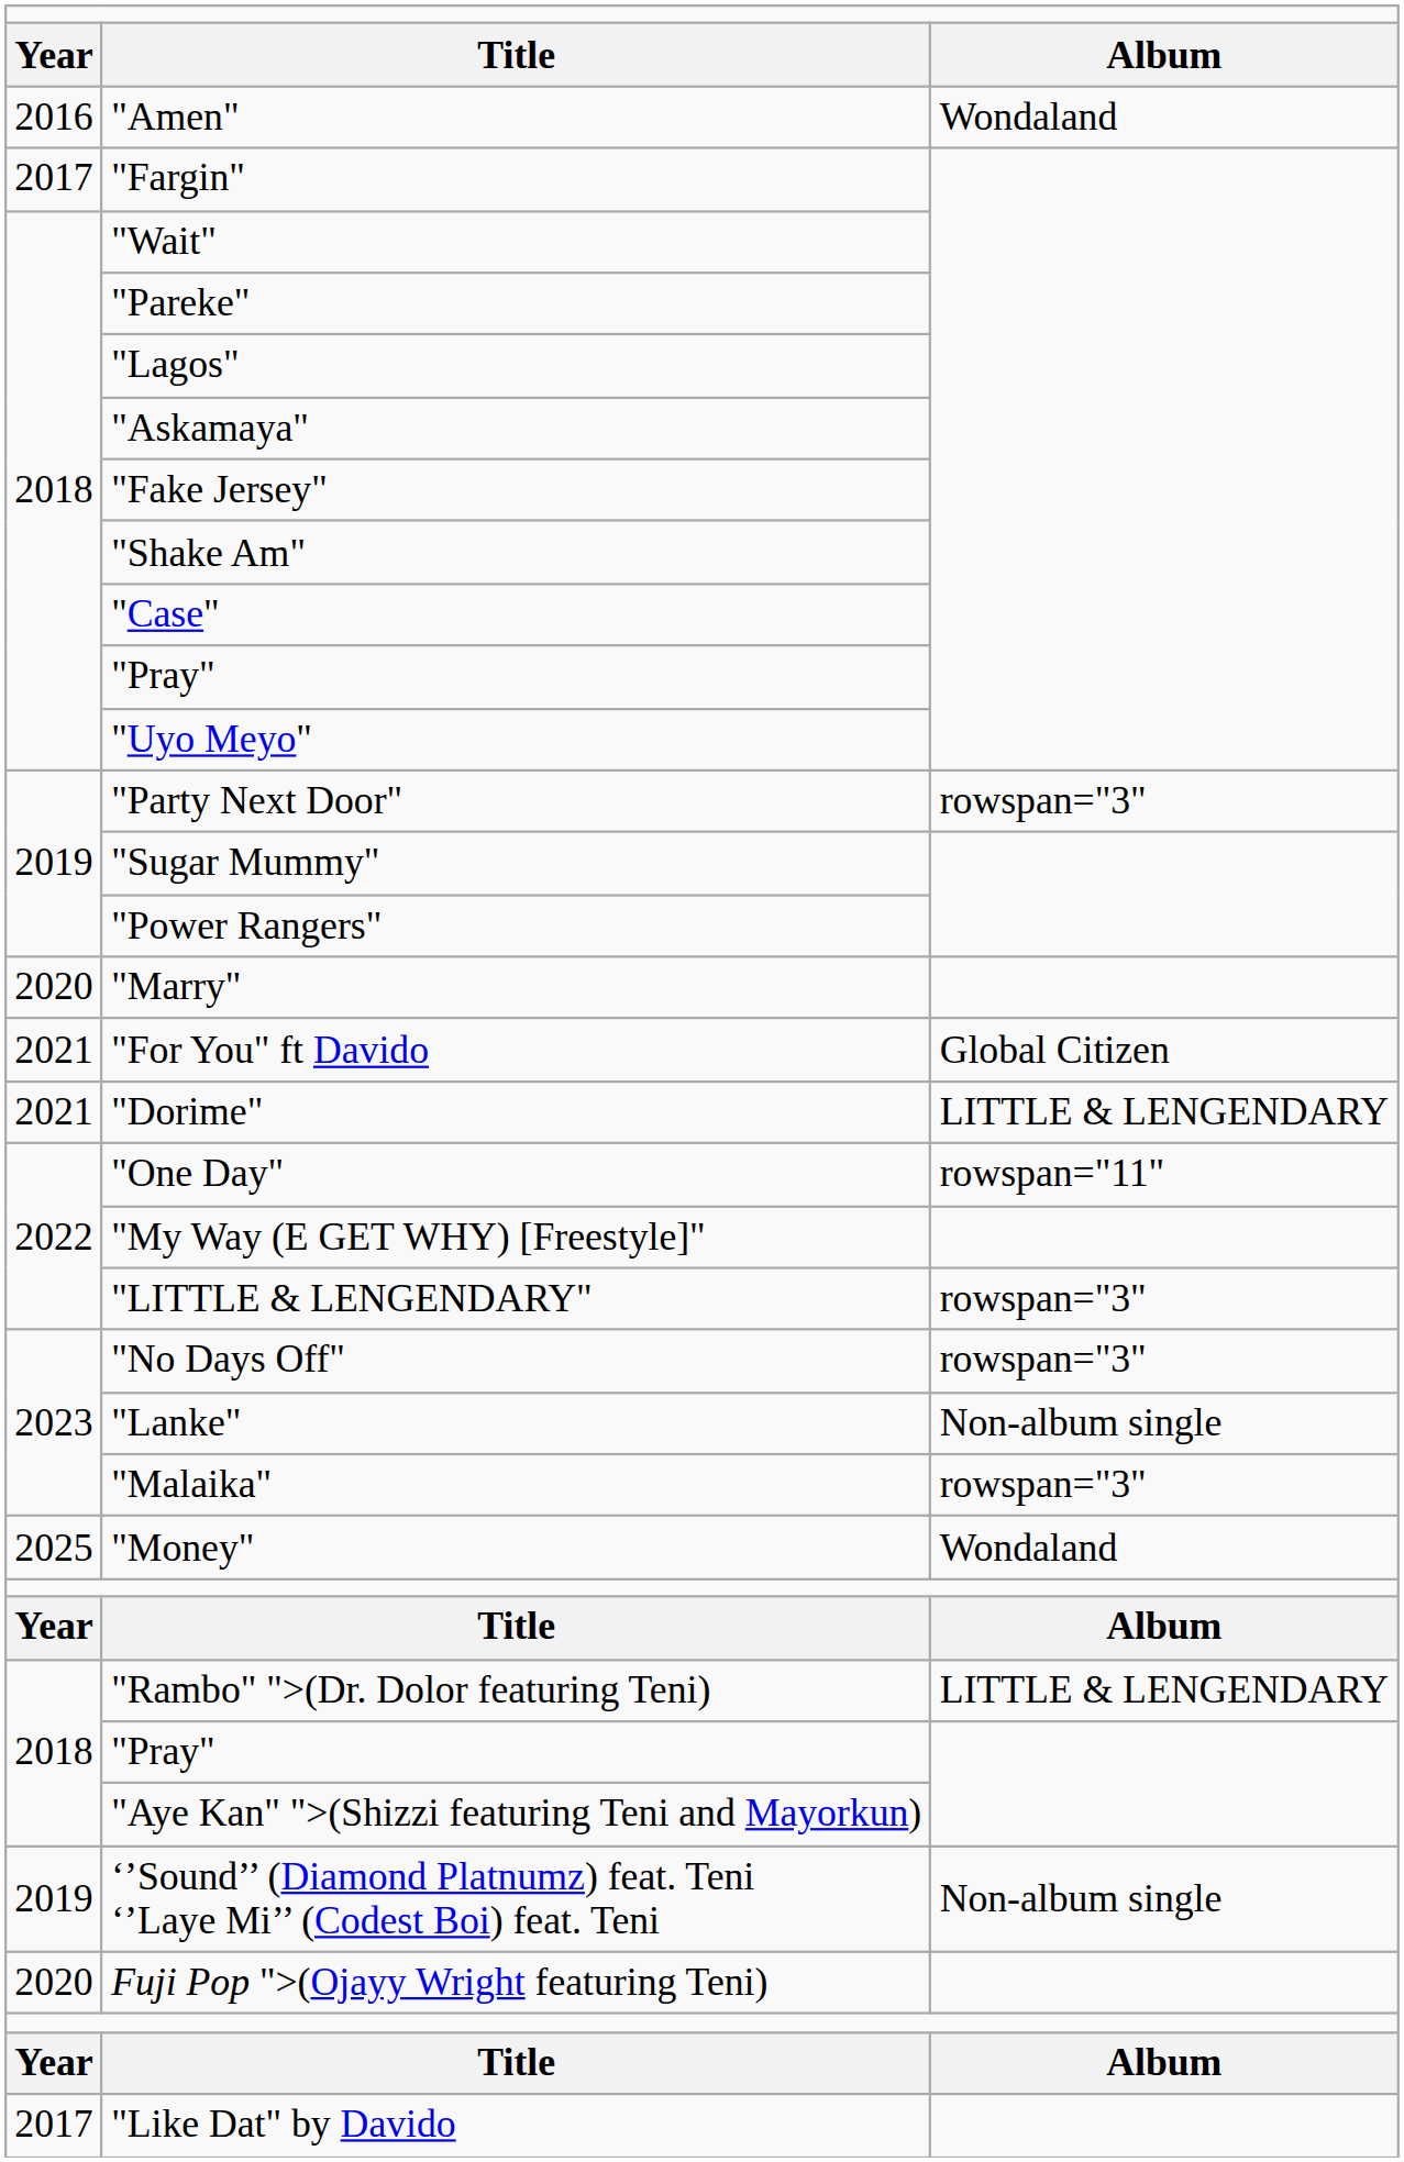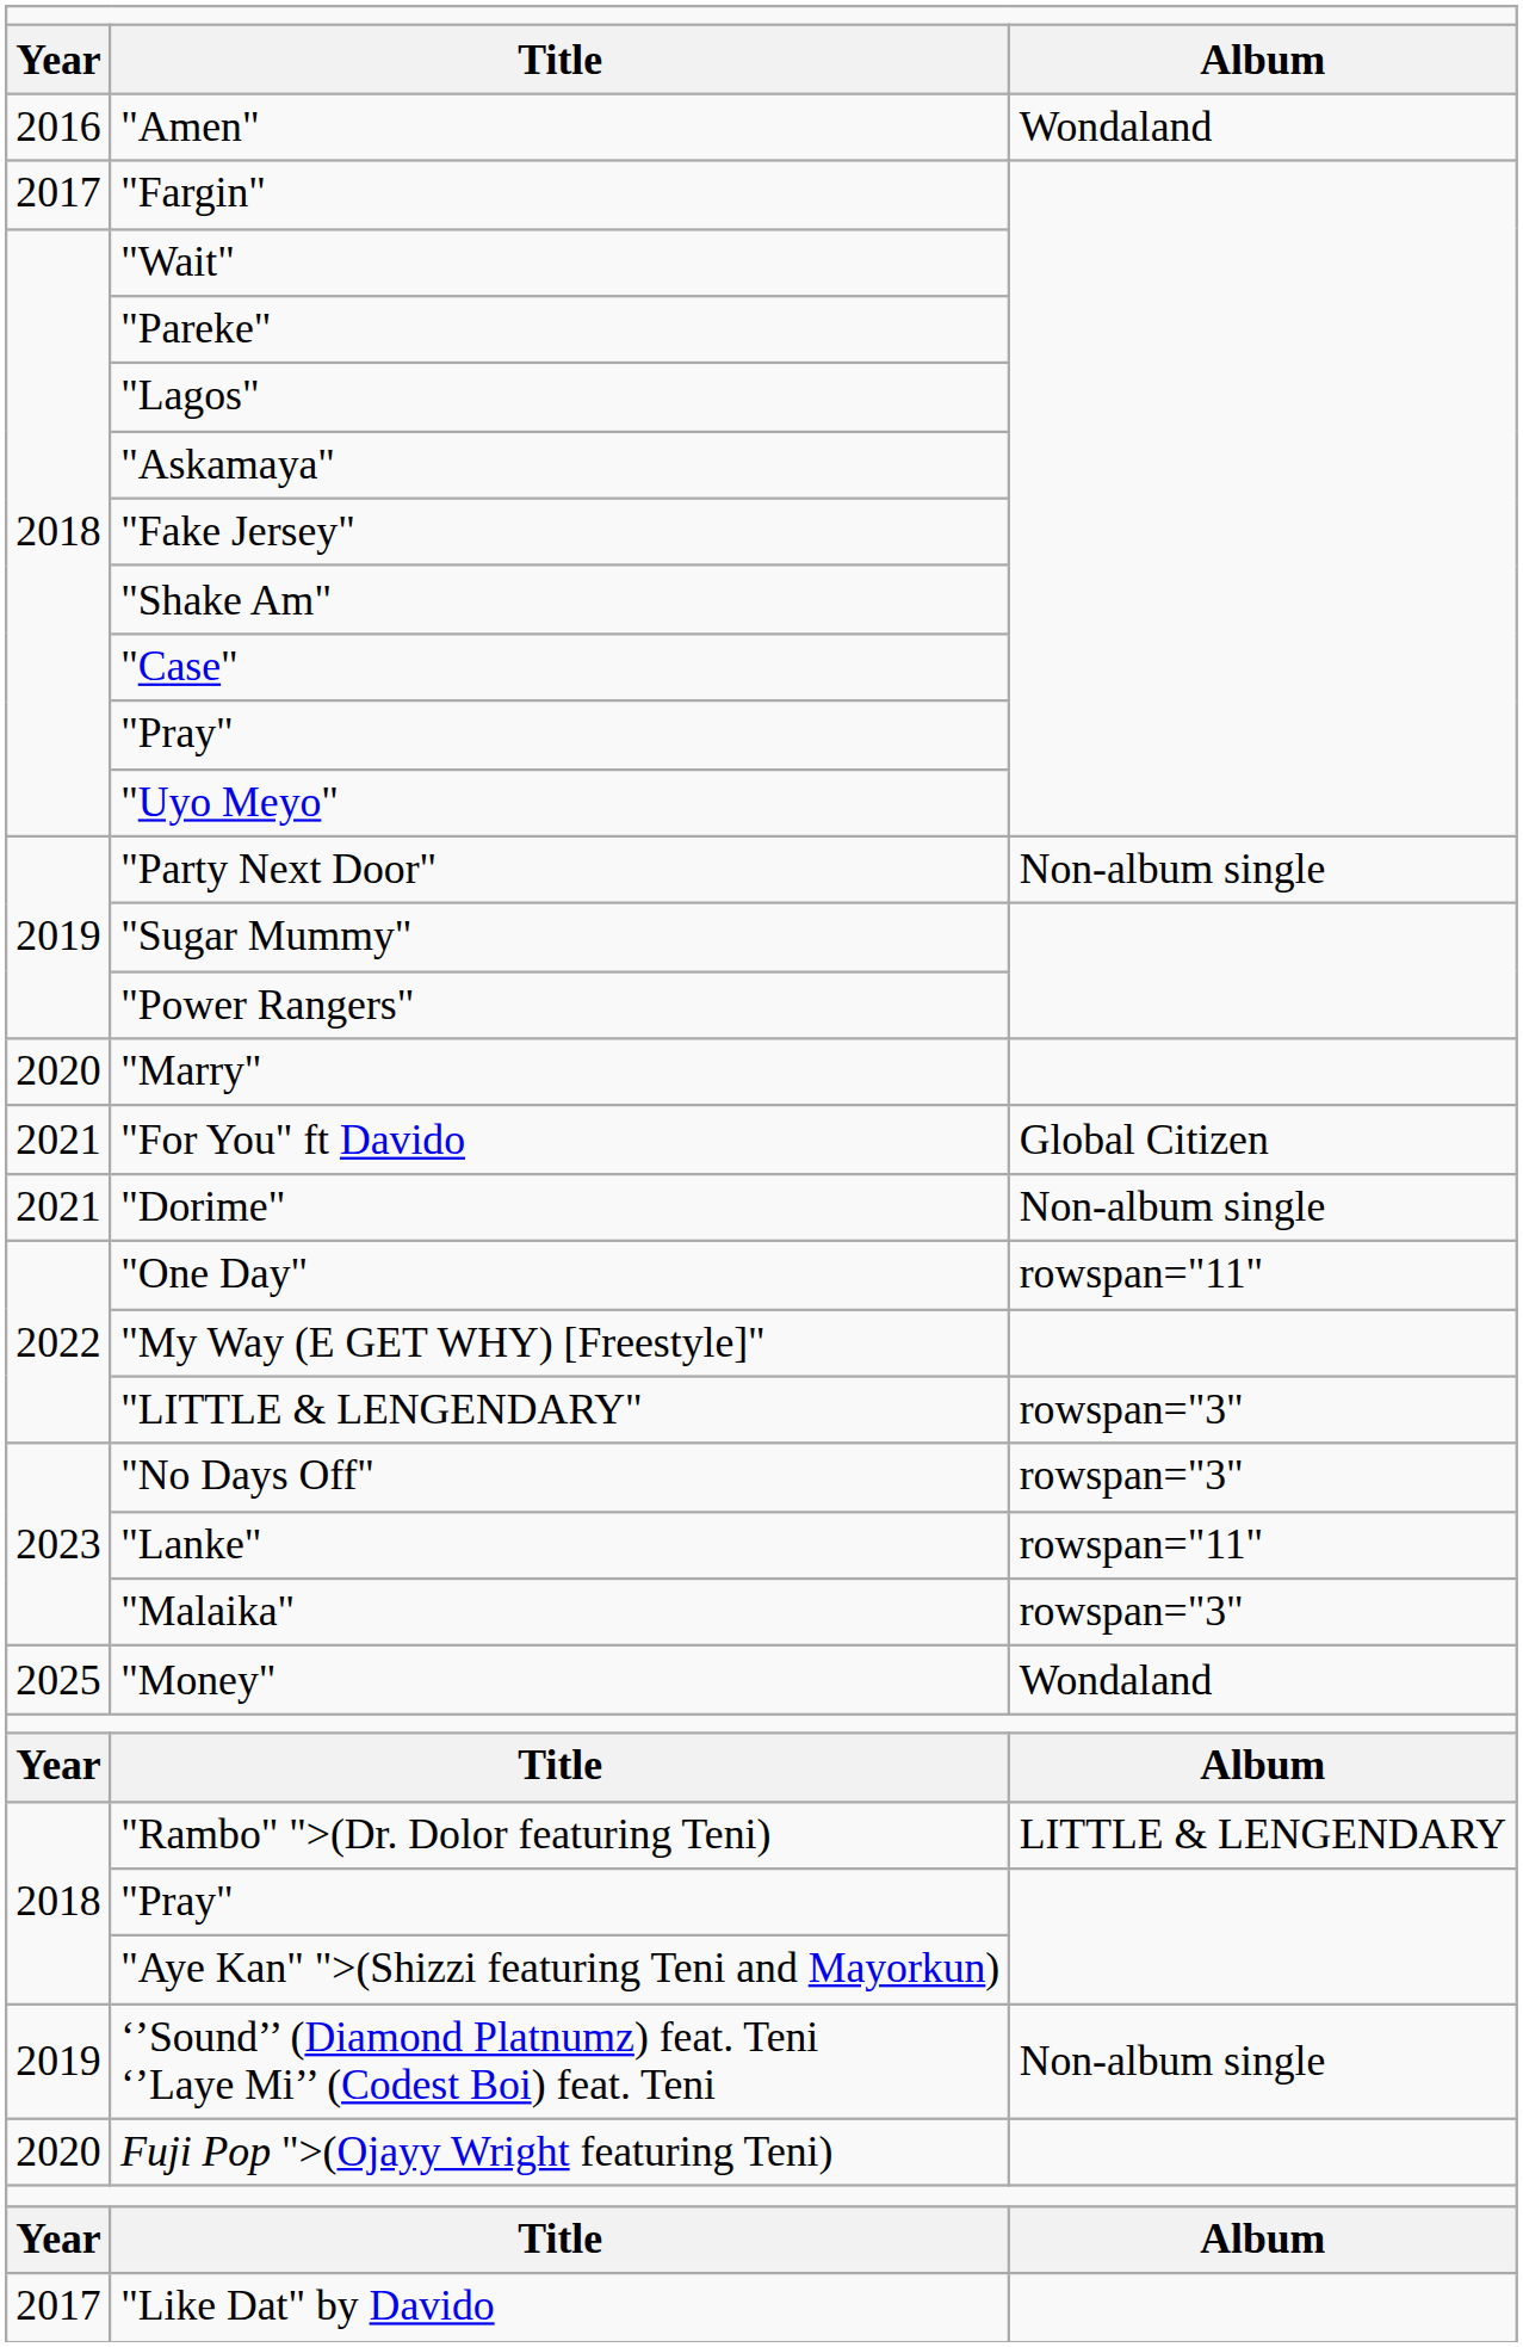 <table class="wikitable sortable">
 <tr>
 <td colspan="3" style="font-size:100%"></td>
 </tr>
 <tr>
 <th>Year</th>
 <th>Title</th>
 <th>Album</th>
 </tr>
 <tr>
 <td>2016</td>
 <td>"Amen"</td>
 <td>Wondaland</td>
 </tr>
 <tr>
 <td>2017</td>
 <td>"Fargin"</td>
 </tr>
 <tr>
 <td rowspan="9">2018</td>
 <td>"Wait"</td>
 </tr>
 <tr>
 <td>"Pareke"</td>
 </tr>
 <tr>
 <td>"Lagos"</td>
 </tr>
 <tr>
 <td>"Askamaya"</td>
 </tr>
 <tr>
 <td>"Fake Jersey"</td>
 </tr>
 <tr>
 <td>"Shake Am"</td>
 </tr>
 <tr>
 <td>"<a href='#'>Case</a>"</td>
 </tr>
 <tr>
 <td>"Pray"</td>
 </tr>
 <tr>
 <td>"<a href='#'>Uyo Meyo</a>"</td>
 </tr>
 <tr>
 <td rowspan="3">2019</td>
 <td>"Party Next Door"</td>
-<td>rowspan="3"</td>
+<td>Non-album single</td>
 </tr>
 <tr>
 <td>"Sugar Mummy"</td>
 </tr>
 <tr>
 <td>"Power Rangers"</td>
 </tr>
 <tr>
 <td>2020</td>
 <td>"Marry"</td>
 <td></td>
 </tr>
 <tr>
 <td>2021</td>
 <td>"For You" ft <a href='#'>Davido</a></td>
 <td>Global Citizen</td>
 </tr>
 <tr>
 <td>2021</td>
 <td>"Dorime"</td>
-<td>LITTLE & LENGENDARY</td>
+<td>Non-album single</td>
 </tr>
 <tr>
 <td rowspan="3">2022</td>
 <td>"One Day"</td>
 <td>rowspan="11"</td>
 </tr>
 <tr>
 <td>"My Way (E GET WHY) [Freestyle]"</td>
 <td></td>
 </tr>
 <tr>
 <td>"LITTLE & LENGENDARY"</td>
 <td>rowspan="3" </td>
 </tr>
 <tr>
 <td rowspan="3">2023</td>
 <td>"No Days Off"</td>
 <td>rowspan="3" </td>
 </tr>
 <tr>
 <td>"Lanke"</td>
-<td>Non-album single</td>
+<td>rowspan="11"</td>
 </tr>
 <tr>
 <td>"Malaika"</td>
 <td>rowspan="3"</td>
 </tr>
 <tr>
 <td>2025</td>
 <td>"Money"</td>
 <td>Wondaland</td>
 </tr>
 <tr>
 <td colspan="3" style="font-size:100%"></td>
 </tr>
 <tr>
 <th>Year</th>
 <th>Title</th>
 <th>Album</th>
 </tr>
 <tr>
 <td rowspan="3">2018</td>
 <td>"Rambo" <span>">(Dr. Dolor featuring Teni)</span></td>
 <td>LITTLE & LENGENDARY</td>
 </tr>
 <tr>
 <td>"Pray"</td>
 </tr>
 <tr>
 <td>"Aye Kan" <span>">(Shizzi featuring Teni and <a href='#'>Mayorkun</a>)</span></td>
 </tr>
 <tr>
 <td>2019</td>
 <td>‘’Sound’’ (<a href='#'>Diamond Platnumz</a>) feat. Teni<br>‘’Laye Mi’’ (<a href='#'>Codest Boi</a>) feat. Teni</td>
 <td>Non-album single</td>
 </tr>
 <tr>
 <td>2020</td>
 <td><em>Fuji Pop</em> <span>">(<a href='#'>Ojayy Wright</a> featuring Teni)</span></td>
 <td></td>
 </tr>
 <tr>
 <td colspan="3" style="font-size:100%"></td>
 </tr>
 <tr>
 <th>Year</th>
 <th>Title</th>
 <th>Album</th>
 </tr>
 <tr>
 <td>2017</td>
 <td>"Like Dat" by <a href='#'>Davido</a></td>
 <td></td>
 </tr>
 </table>
